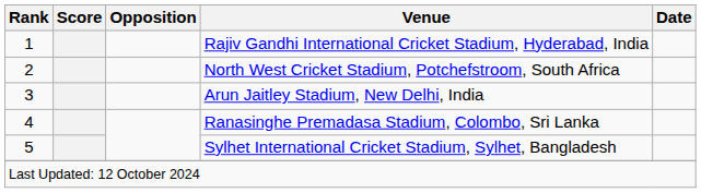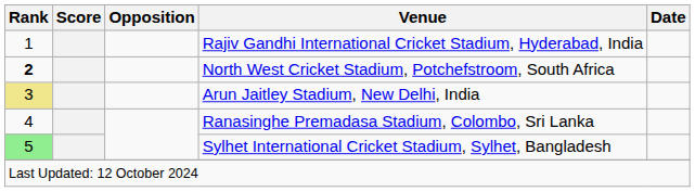 <table class="wikitable plainrowheaders sortable">
 <tr>
 <th scope=col>Rank</th>
 <th scope=col>Score</th>
 <th scope=col>Opposition</th>
 <th scope=col>Venue</th>
 <th scope=col>Date</th>
 </tr>
 <tr>
 <td align=center>1</td>
 <th scope=row style=text-align:center;></th>
 <td></td>
 <td><a href='#'>Rajiv Gandhi International Cricket Stadium</a>, <a href='#'>Hyderabad</a>, India</td>
 <td></td>
 </tr>
 <tr>
-<td align=center>2</td>
+<td align=center><strong>2</strong></td>
 <th scope=row style=text-align:center;></th>
 <td></td>
 <td><a href='#'>North West Cricket Stadium</a>, <a href='#'>Potchefstroom</a>, South Africa</td>
 <td></td>
 </tr>
 <tr>
-<td align=center>3</td>
+<td align=center style="background: khaki;">3</td>
 <th scope=row style=text-align:center;></th>
 <td></td>
 <td><a href='#'>Arun Jaitley Stadium</a>, <a href='#'>New Delhi</a>, India</td>
 <td></td>
 </tr>
 <tr>
 <td align=center>4</td>
 <th scope=row style=text-align:center;></th>
 <td rowspan=2></td>
 <td><a href='#'>Ranasinghe Premadasa Stadium</a>, <a href='#'>Colombo</a>, Sri Lanka</td>
 <td></td>
 </tr>
 <tr>
-<td align=center>5</td>
+<td align=center style="background: lightgreen;">5</td>
 <th scope=row style=text-align:center;></th>
 <td><a href='#'>Sylhet International Cricket Stadium</a>, <a href='#'>Sylhet</a>, Bangladesh</td>
 <td></td>
 </tr>
 <tr>
 </tr>
 <tr class=sortbottom>
 <td colspan=5><small>Last Updated: 12 October 2024</small></td>
 </tr>
 </table>
